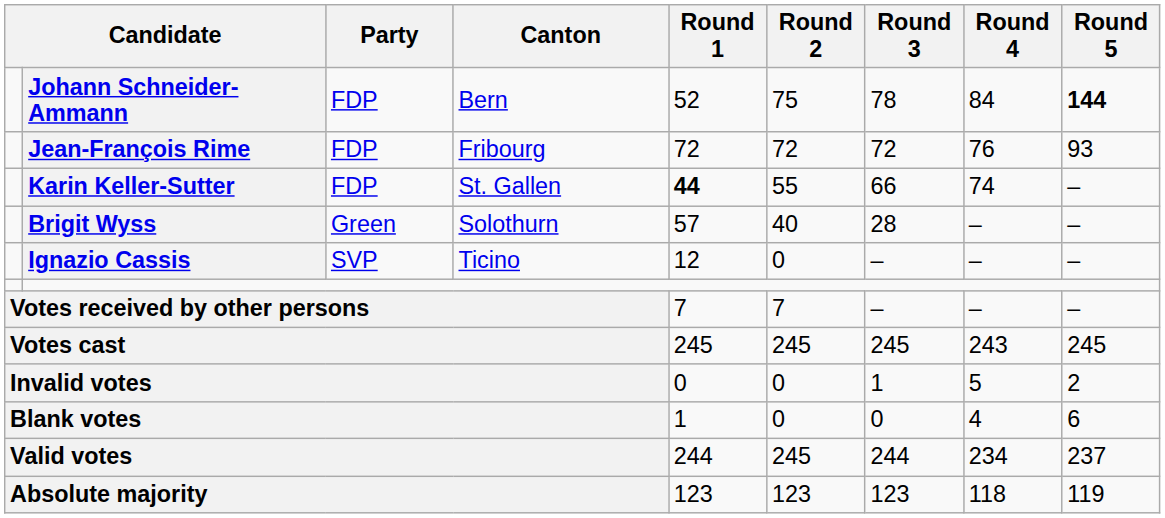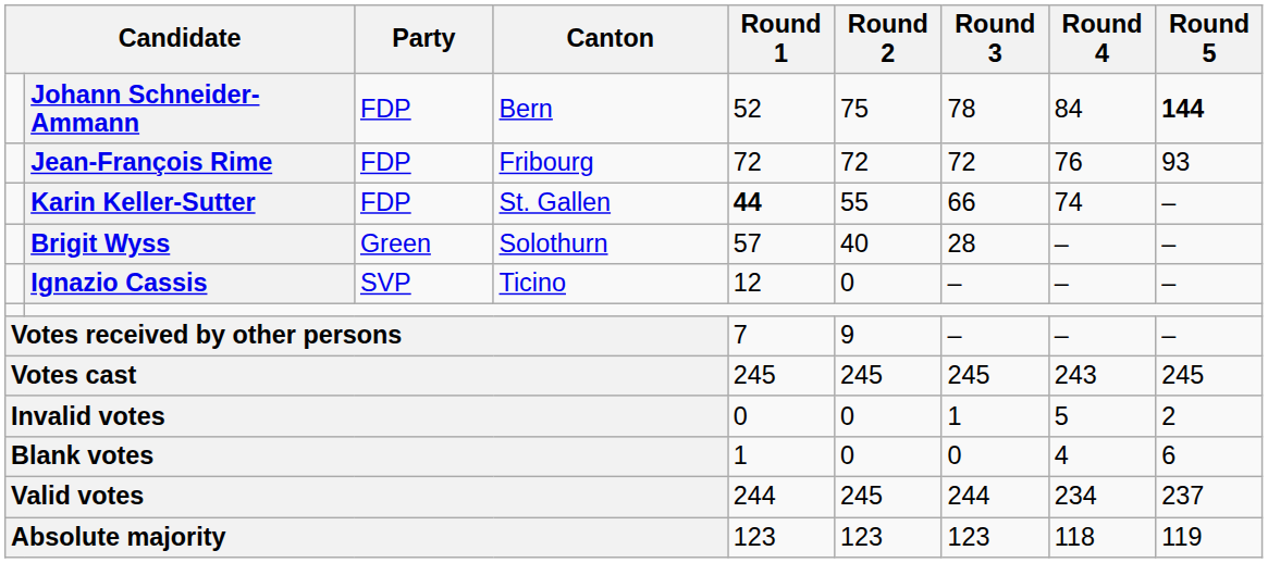 <table class="wikitable">
 <tr>
 <th colspan=2>Candidate</th>
 <th>Party</th>
 <th>Canton</th>
 <th>Round 1</th>
 <th>Round 2</th>
 <th>Round 3</th>
 <th>Round 4</th>
 <th>Round 5</th>
 </tr>
 <tr>
 <td width=5px style="background-color: "></td>
 <td style="width:200px; background:#f2f2f2;"><strong><a href='#'>Johann Schneider-Ammann</a></strong></td>
 <td style="width:80px;"><a href='#'>FDP</a></td>
 <td style="width:140px;"><a href='#'>Bern</a></td>
 <td style="width:60px;">52</td>
 <td style="width:60px;">75</td>
 <td style="width:60px;">78</td>
 <td style="width:60px;">84</td>
 <td style="width:60px;"><strong>144</strong></td>
 </tr>
 <tr>
 <td style="background-color: "></td>
 <td style="background:#f2f2f2;"><strong><a href='#'>Jean-François Rime</a></strong></td>
 <td><a href='#'>FDP</a></td>
 <td><a href='#'>Fribourg</a></td>
 <td>72</td>
 <td>72</td>
 <td>72</td>
 <td>76</td>
 <td>93</td>
 </tr>
 <tr>
 <td style="background-color: "></td>
 <td style="background:#f2f2f2;"><strong><a href='#'>Karin Keller-Sutter</a></strong></td>
 <td><a href='#'>FDP</a></td>
 <td><a href='#'>St. Gallen</a></td>
 <td><strong>44</strong></td>
 <td>55</td>
 <td>66</td>
 <td>74</td>
 <td>–</td>
 </tr>
 <tr>
 <td style="background-color: "></td>
 <td style="background:#f2f2f2;"><strong><a href='#'>Brigit Wyss</a></strong></td>
 <td><a href='#'>Green</a></td>
 <td><a href='#'>Solothurn</a></td>
 <td>57</td>
 <td>40</td>
 <td>28</td>
 <td>–</td>
 <td>–</td>
 </tr>
 <tr>
 <td style="background-color: "></td>
 <td style="background:#f2f2f2;"><strong><a href='#'>Ignazio Cassis</a></strong></td>
 <td><a href='#'>SVP</a></td>
 <td><a href='#'>Ticino</a></td>
 <td>12</td>
 <td>0</td>
 <td>–</td>
 <td>–</td>
 <td>–</td>
 </tr>
 <tr>
 <td></td>
 </tr>
 <tr>
 <td colspan="4" style="background:#f2f2f2;"><strong>Votes received by other persons</strong></td>
 <td>7</td>
-<td>7</td>
+<td>9</td>
 <td>–</td>
 <td>–</td>
 <td>–</td>
 </tr>
 <tr>
 <td colspan="4" style="background:#f2f2f2;"><strong>Votes cast</strong></td>
 <td>245</td>
 <td>245</td>
 <td>245</td>
 <td>243</td>
 <td>245</td>
 </tr>
 <tr>
 <td colspan="4" style="background:#f2f2f2;"><strong>Invalid votes</strong></td>
 <td>0</td>
 <td>0</td>
 <td>1</td>
 <td>5</td>
 <td>2</td>
 </tr>
 <tr>
 <td colspan="4" style="background:#f2f2f2;"><strong>Blank votes</strong></td>
 <td>1</td>
 <td>0</td>
 <td>0</td>
 <td>4</td>
 <td>6</td>
 </tr>
 <tr>
 <td colspan="4" style="background:#f2f2f2;"><strong>Valid votes</strong></td>
 <td>244</td>
 <td>245</td>
 <td>244</td>
 <td>234</td>
 <td>237</td>
 </tr>
 <tr>
 <td colspan="4" style="background:#f2f2f2;"><strong>Absolute majority</strong></td>
 <td>123</td>
 <td>123</td>
 <td>123</td>
 <td>118</td>
 <td>119</td>
 </tr>
 </table>
